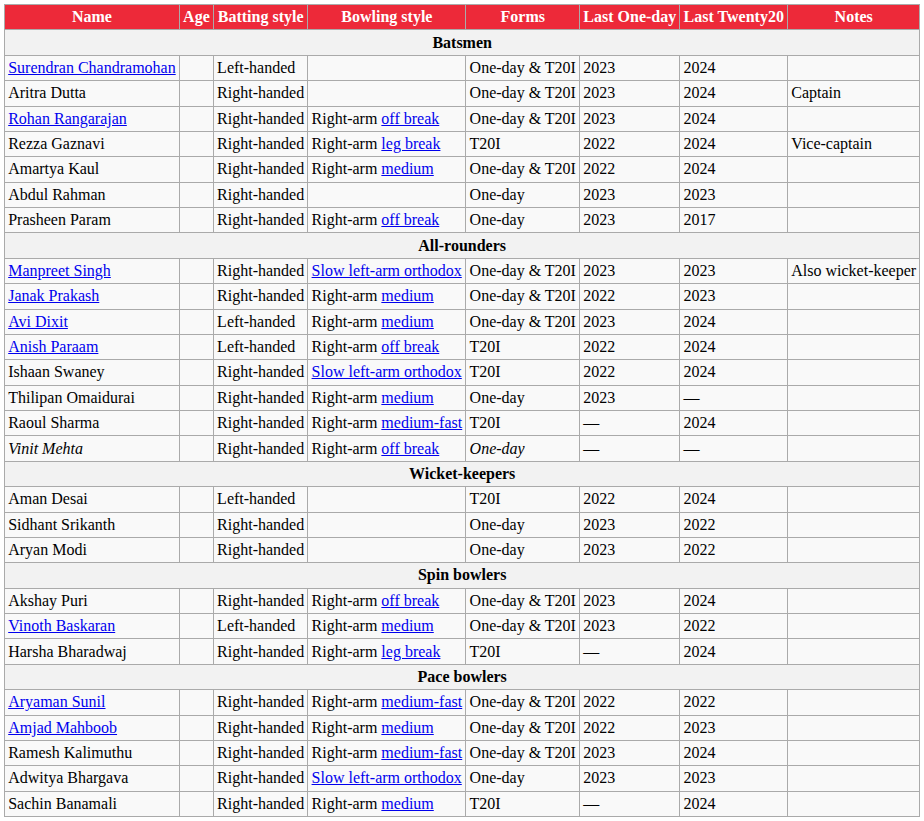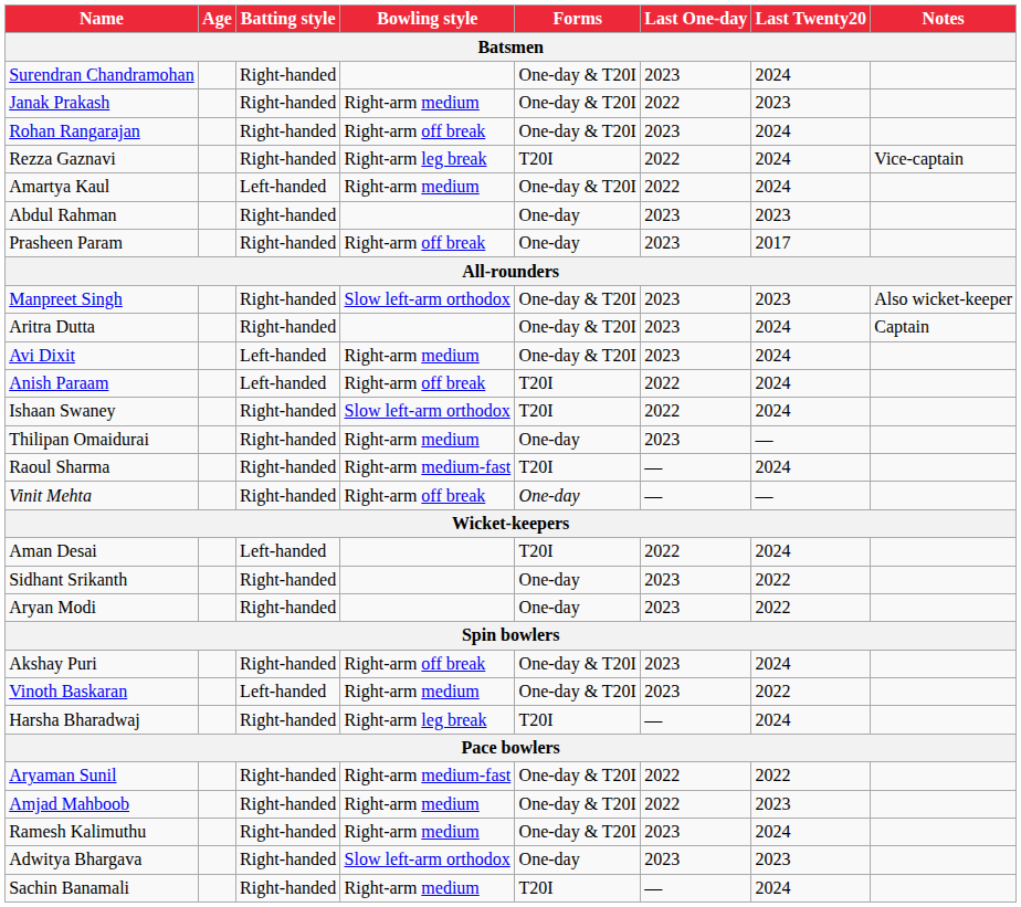 <table class="wikitable">
 <tr>
 <th style="text-align:center; background:#ED2939; color:white;">Name</th>
 <th style="text-align:center; background:#ED2939; color:white;">Age</th>
 <th style="text-align:center; background:#ED2939; color:white;">Batting style</th>
 <th style="text-align:center; background:#ED2939; color:white;">Bowling style</th>
 <th style="text-align:center; background:#ED2939; color:white;">Forms</th>
 <th style="text-align:center; background:#ED2939; color:white;">Last One-day</th>
 <th style="text-align:center; background:#ED2939; color:white;">Last Twenty20</th>
 <th style="text-align:center; background:#ED2939; color:white;">Notes</th>
 </tr>
 <tr>
 <th colspan="8">Batsmen</th>
 </tr>
 <tr>
 <td><a href='#'>Surendran Chandramohan</a></td>
 <td></td>
-<td>Left-handed</td>
+<td>Right-handed</td>
 <td></td>
 <td>One-day & T20I</td>
 <td> 2023</td>
 <td> 2024</td>
 <td></td>
 </tr>
 <tr>
-<td>Aritra Dutta</td>
+<td><a href='#'>Janak Prakash</a></td>
 <td></td>
 <td>Right-handed</td>
+<td>Right-arm <a href='#'>medium</a></td>
+<td>One-day & T20I</td>
+<td> 2022</td>
+<td> 2023</td>
 <td></td>
-<td>One-day & T20I</td>
-<td> 2023</td>
-<td> 2024</td>
-<td>Captain</td>
 </tr>
 <tr>
 <td><a href='#'>Rohan Rangarajan</a></td>
 <td></td>
 <td>Right-handed</td>
 <td>Right-arm <a href='#'>off break</a></td>
 <td>One-day & T20I</td>
 <td> 2023</td>
 <td> 2024</td>
 <td></td>
 </tr>
 <tr>
 <td>Rezza Gaznavi</td>
 <td></td>
 <td>Right-handed</td>
 <td>Right-arm <a href='#'>leg break</a></td>
 <td>T20I</td>
 <td> 2022</td>
 <td> 2024</td>
 <td>Vice-captain</td>
 </tr>
 <tr>
 <td>Amartya Kaul</td>
 <td></td>
-<td>Right-handed</td>
+<td>Left-handed</td>
 <td>Right-arm <a href='#'>medium</a></td>
 <td>One-day & T20I</td>
 <td> 2022</td>
 <td> 2024</td>
 <td></td>
 </tr>
 <tr>
 <td>Abdul Rahman</td>
 <td></td>
 <td>Right-handed</td>
 <td></td>
 <td>One-day</td>
 <td> 2023</td>
 <td> 2023</td>
 <td></td>
 </tr>
 <tr>
 <td>Prasheen Param</td>
 <td></td>
 <td>Right-handed</td>
 <td>Right-arm <a href='#'>off break</a></td>
 <td>One-day</td>
 <td> 2023</td>
 <td> 2017</td>
 <td></td>
 </tr>
 <tr>
 <th colspan="8">All-rounders</th>
 </tr>
 <tr>
 <td><a href='#'>Manpreet Singh</a></td>
 <td></td>
 <td>Right-handed</td>
 <td><a href='#'>Slow left-arm orthodox</a></td>
 <td>One-day & T20I</td>
 <td> 2023</td>
 <td> 2023</td>
 <td>Also wicket-keeper</td>
 </tr>
 <tr>
-<td><a href='#'>Janak Prakash</a></td>
+<td>Aritra Dutta</td>
 <td></td>
 <td>Right-handed</td>
-<td>Right-arm <a href='#'>medium</a></td>
+<td></td>
 <td>One-day & T20I</td>
-<td> 2022</td>
 <td> 2023</td>
-<td></td>
+<td> 2024</td>
+<td>Captain</td>
 </tr>
 <tr>
 <td><a href='#'>Avi Dixit</a></td>
 <td></td>
 <td>Left-handed</td>
 <td>Right-arm <a href='#'>medium</a></td>
 <td>One-day & T20I</td>
 <td> 2023</td>
 <td> 2024</td>
 <td></td>
 </tr>
 <tr>
 <td><a href='#'>Anish Paraam</a></td>
 <td></td>
 <td>Left-handed</td>
 <td>Right-arm <a href='#'>off break</a></td>
 <td>T20I</td>
 <td> 2022</td>
 <td> 2024</td>
 <td></td>
 </tr>
 <tr>
 <td>Ishaan Swaney</td>
 <td></td>
 <td>Right-handed</td>
 <td><a href='#'>Slow left-arm orthodox</a></td>
 <td>T20I</td>
 <td> 2022</td>
 <td> 2024</td>
 <td></td>
 </tr>
 <tr>
 <td>Thilipan Omaidurai</td>
 <td></td>
 <td>Right-handed</td>
 <td>Right-arm <a href='#'>medium</a></td>
 <td>One-day</td>
 <td> 2023</td>
 <td>—</td>
 <td></td>
 </tr>
 <tr>
 <td>Raoul Sharma</td>
 <td></td>
 <td>Right-handed</td>
 <td>Right-arm <a href='#'>medium-fast</a></td>
 <td>T20I</td>
 <td>—</td>
 <td> 2024</td>
 <td></td>
 </tr>
 <tr>
 <td><em>Vinit Mehta</em></td>
 <td></td>
 <td>Right-handed</td>
 <td>Right-arm <a href='#'>off break</a></td>
 <td><em>One-day</em></td>
 <td>—</td>
 <td>—</td>
 <td></td>
 </tr>
 <tr>
 <th colspan="8">Wicket-keepers</th>
 </tr>
 <tr>
 <td>Aman Desai</td>
 <td></td>
 <td>Left-handed</td>
 <td></td>
 <td>T20I</td>
 <td> 2022</td>
 <td> 2024</td>
 <td></td>
 </tr>
 <tr>
 <td>Sidhant Srikanth</td>
 <td></td>
 <td>Right-handed</td>
 <td></td>
 <td>One-day</td>
 <td> 2023</td>
 <td> 2022</td>
 <td></td>
 </tr>
 <tr>
 <td>Aryan Modi</td>
 <td></td>
 <td>Right-handed</td>
 <td></td>
 <td>One-day</td>
 <td> 2023</td>
 <td> 2022</td>
 <td></td>
 </tr>
 <tr>
 <th colspan="8">Spin bowlers</th>
 </tr>
 <tr>
 <td>Akshay Puri</td>
 <td></td>
 <td>Right-handed</td>
 <td>Right-arm <a href='#'>off break</a></td>
 <td>One-day & T20I</td>
 <td> 2023</td>
 <td> 2024</td>
 <td></td>
 </tr>
 <tr>
 <td><a href='#'>Vinoth Baskaran</a></td>
 <td></td>
 <td>Left-handed</td>
 <td>Right-arm <a href='#'>medium</a></td>
 <td>One-day & T20I</td>
 <td> 2023</td>
 <td> 2022</td>
 <td></td>
 </tr>
 <tr>
 <td>Harsha Bharadwaj</td>
 <td></td>
 <td>Right-handed</td>
 <td>Right-arm <a href='#'>leg break</a></td>
 <td>T20I</td>
 <td>—</td>
 <td> 2024</td>
 <td></td>
 </tr>
 <tr>
 <th colspan="8">Pace bowlers</th>
 </tr>
 <tr>
 <td><a href='#'>Aryaman Sunil</a></td>
 <td></td>
 <td>Right-handed</td>
 <td>Right-arm <a href='#'>medium-fast</a></td>
 <td>One-day & T20I</td>
 <td> 2022</td>
 <td> 2022</td>
 <td></td>
 </tr>
 <tr>
 <td><a href='#'>Amjad Mahboob</a></td>
 <td></td>
 <td>Right-handed</td>
 <td>Right-arm <a href='#'>medium</a></td>
 <td>One-day & T20I</td>
 <td> 2022</td>
 <td> 2023</td>
 <td></td>
 </tr>
 <tr>
 <td>Ramesh Kalimuthu</td>
 <td></td>
 <td>Right-handed</td>
-<td>Right-arm <a href='#'>medium-fast</a></td>
+<td>Right-arm <a href='#'>medium</a></td>
 <td>One-day & T20I</td>
 <td> 2023</td>
 <td> 2024</td>
 <td></td>
 </tr>
 <tr>
 <td>Adwitya Bhargava</td>
 <td></td>
 <td>Right-handed</td>
 <td><a href='#'>Slow left-arm orthodox</a></td>
 <td>One-day</td>
 <td> 2023</td>
 <td> 2023</td>
 <td></td>
 </tr>
 <tr>
 <td>Sachin Banamali</td>
 <td></td>
 <td>Right-handed</td>
 <td>Right-arm <a href='#'>medium</a></td>
 <td>T20I</td>
 <td>—</td>
 <td> 2024</td>
 <td></td>
 </tr>
 </table>
